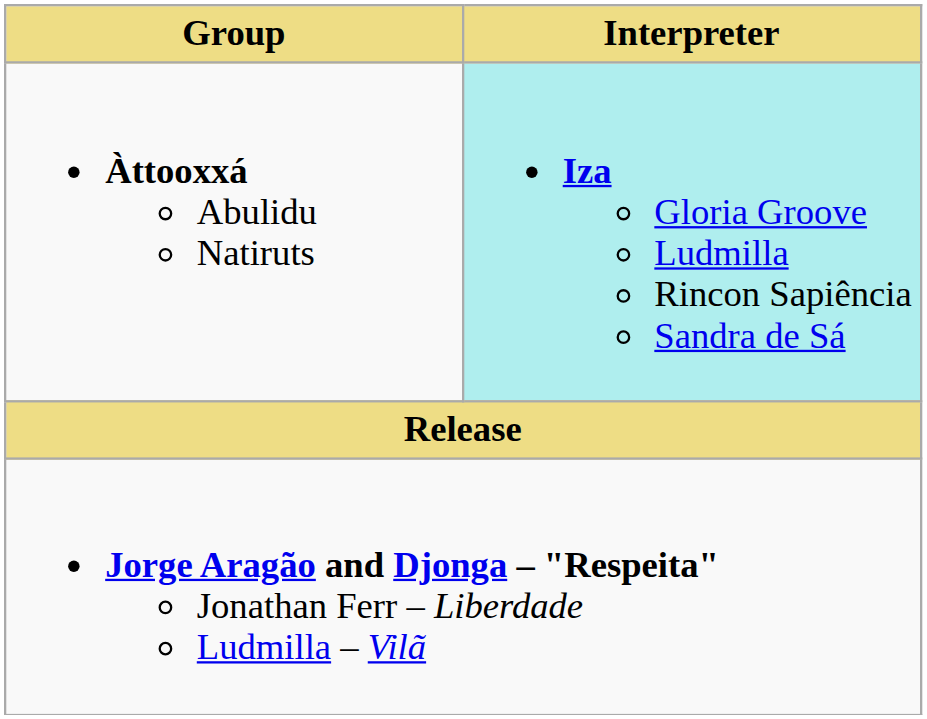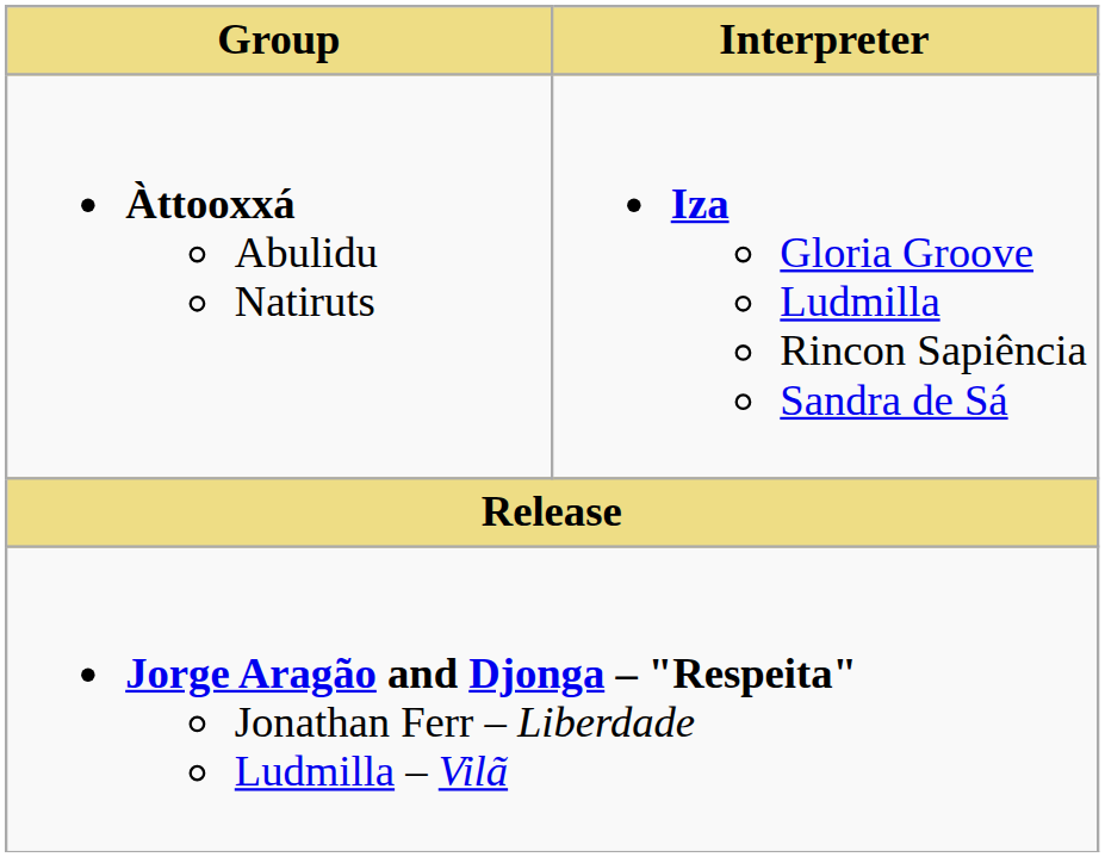 <table class="wikitable" style="width=">
 <tr>
 <th scope="col" style="background:#EEDD85; width:50%">Group</th>
 <th scope="col" style="background:#EEDD85; width:50%">Interpreter</th>
 </tr>
 <tr>
 <td style="vertical-align:top"><br><ul><li><strong>Àttooxxá</strong><ul><li>Abulidu</li><li>Natiruts</li></ul></li></ul></td>
-<td style="background: paleturquoise; vertical-align:top"><br><ul><li><strong><a href='#'>Iza</a></strong><ul><li><a href='#'>Gloria Groove</a></li><li><a href='#'>Ludmilla</a></li><li>Rincon Sapiência</li><li><a href='#'>Sandra de Sá</a></li></ul></li></ul></td>
+<td style="vertical-align:top"><br><ul><li><strong><a href='#'>Iza</a></strong><ul><li><a href='#'>Gloria Groove</a></li><li><a href='#'>Ludmilla</a></li><li>Rincon Sapiência</li><li><a href='#'>Sandra de Sá</a></li></ul></li></ul></td>
 </tr>
 <tr>
 <th colspan="2" scope="col" style="background:#EEDD85; width:50%">Release</th>
 </tr>
 <tr>
 <td colspan="2" style="vertical-align:top"><br><ul><li><strong><a href='#'>Jorge Aragão</a> and <a href='#'>Djonga</a> – "Respeita"</strong><ul><li>Jonathan Ferr – <em>Liberdade</em></li><li><a href='#'>Ludmilla</a> – <em><a href='#'>Vilã</a></em></li></ul></li></ul></td>
 </tr>
 </table>
